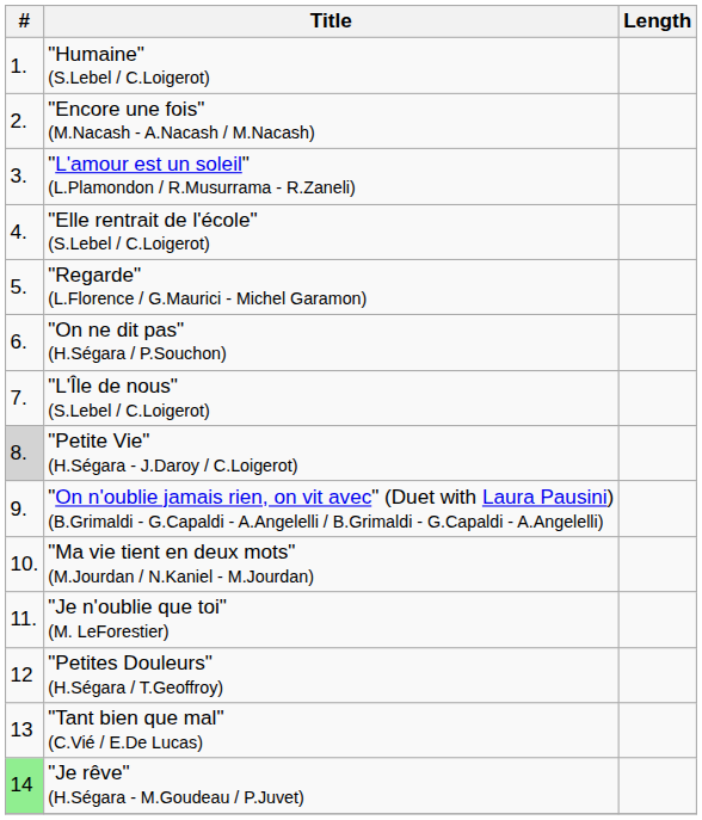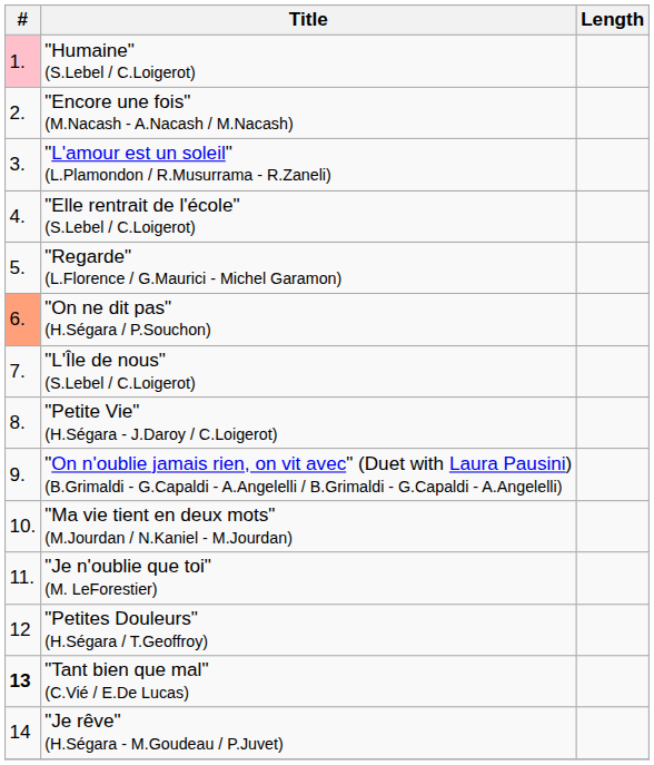 <table class="wikitable" size=80%>
 <tr>
 <th>#</th>
 <th>Title</th>
 <th>Length</th>
 </tr>
 <tr>
-<td>1.</td>
+<td style="background: pink;">1.</td>
 <td>"Humaine" <br><small>(S.Lebel / C.Loigerot)</small></td>
 <td></td>
 </tr>
 <tr>
 <td>2.</td>
 <td>"Encore une fois"  <br><small>(M.Nacash - A.Nacash / M.Nacash)</small></td>
 <td></td>
 </tr>
 <tr>
 <td>3.</td>
 <td>"<a href='#'>L'amour est un soleil</a>" <br><small>(L.Plamondon / R.Musurrama - R.Zaneli)</small></td>
 <td></td>
 </tr>
 <tr>
 <td>4.</td>
 <td>"Elle rentrait de l'école" <br><small>(S.Lebel / C.Loigerot)</small></td>
 <td></td>
 </tr>
 <tr>
 <td>5.</td>
 <td>"Regarde" <br><small>(L.Florence / G.Maurici - Michel Garamon)</small></td>
 <td></td>
 </tr>
 <tr>
-<td>6.</td>
+<td style="background: lightsalmon;">6.</td>
 <td>"On ne dit pas" <br><small>(H.Ségara / P.Souchon)</small></td>
 <td></td>
 </tr>
 <tr>
 <td>7.</td>
 <td>"L'Île de nous" <br><small>(S.Lebel / C.Loigerot)</small></td>
 <td></td>
 </tr>
 <tr>
-<td style="background: lightgrey;">8.</td>
+<td>8.</td>
 <td>"Petite Vie" <br><small>(H.Ségara - J.Daroy / C.Loigerot)</small></td>
 <td></td>
 </tr>
 <tr>
 <td>9.</td>
 <td>"<a href='#'>On n'oublie jamais rien, on vit avec</a>" (Duet with <a href='#'>Laura Pausini</a>) <br><small>(B.Grimaldi - G.Capaldi - A.Angelelli / B.Grimaldi - G.Capaldi - A.Angelelli)</small></td>
 <td></td>
 </tr>
 <tr>
 <td>10.</td>
 <td>"Ma vie tient en deux mots" <br><small>(M.Jourdan / N.Kaniel - M.Jourdan)</small></td>
 <td></td>
 </tr>
 <tr>
 <td>11.</td>
 <td>"Je n'oublie que toi" <br><small>(M. LeForestier)</small></td>
 <td></td>
 </tr>
 <tr>
 <td>12</td>
 <td>"Petites Douleurs" <br><small>(H.Ségara / T.Geoffroy)</small></td>
 <td></td>
 </tr>
 <tr>
-<td>13</td>
+<td><strong>13</strong></td>
 <td>"Tant bien que mal" <br><small>(C.Vié / E.De Lucas)</small></td>
 <td></td>
 </tr>
 <tr>
-<td style="background: lightgreen;">14</td>
+<td>14</td>
 <td>"Je rêve" <br><small>(H.Ségara - M.Goudeau / P.Juvet)</small></td>
 <td></td>
 </tr>
 <tr>
 </tr>
 </table>
